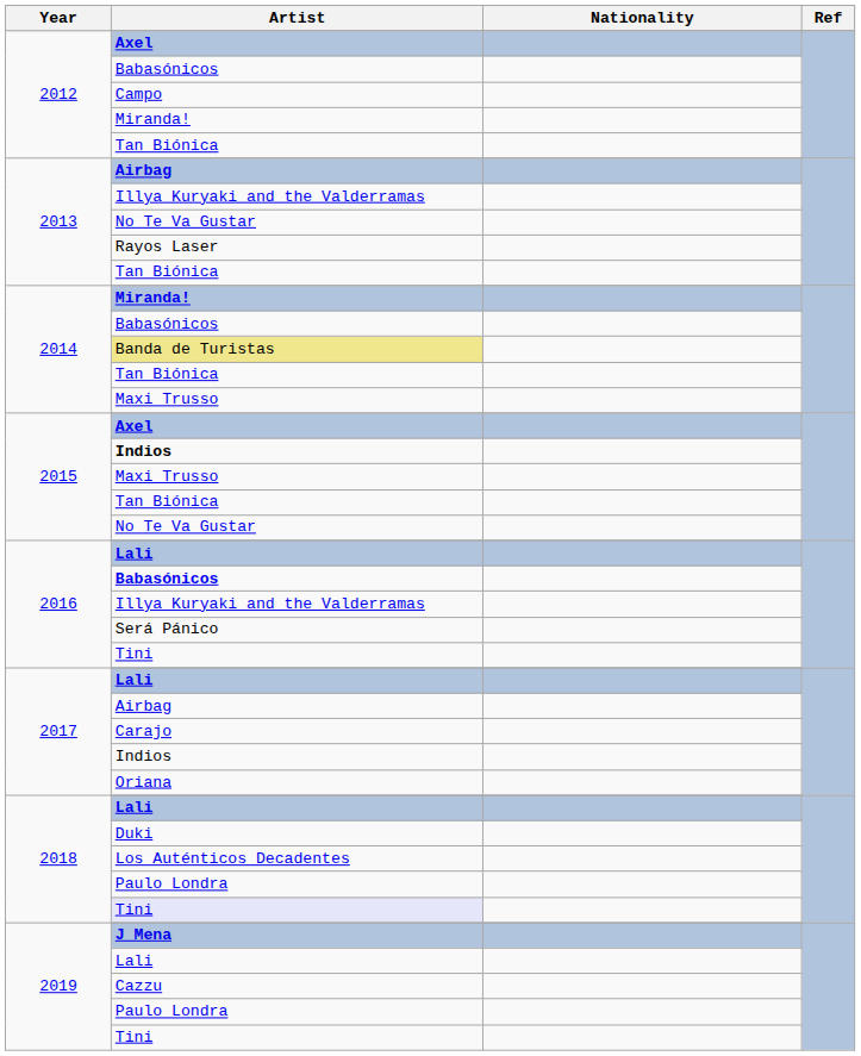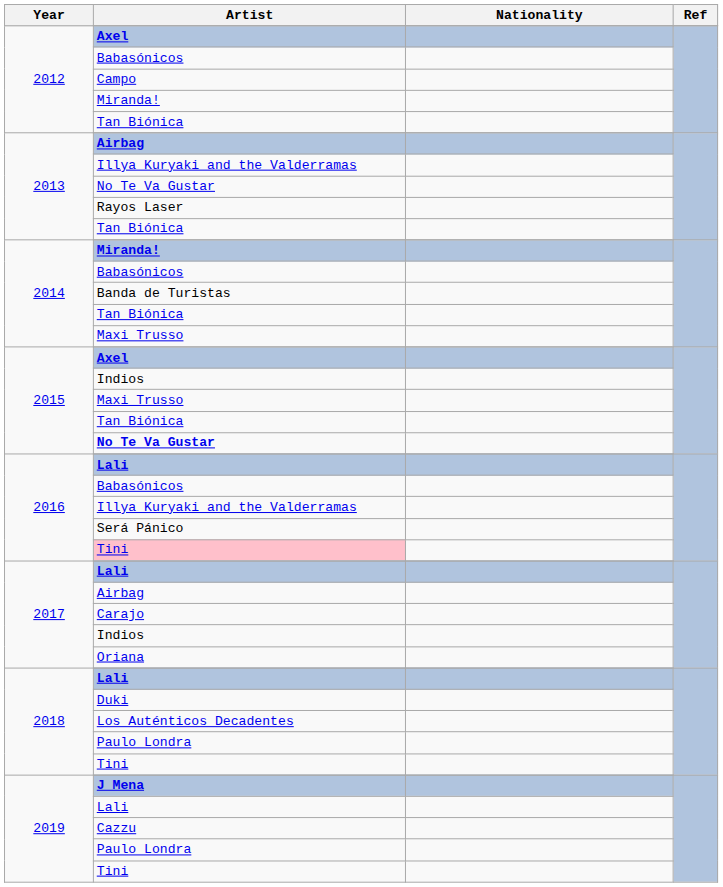 <table class="wikitable" style="width:80%;">
 <tr style="background:#bebebe;">
 <th style="width:10%;">Year</th>
 <th style="width:35%;">Artist</th>
 <th style="width:30%;">Nationality</th>
 <th style="width:5%;">Ref</th>
 </tr>
 <tr>
 <td rowspan="6" align="center"><a href='#'>2012</a></td>
 </tr>
 <tr style="background:#B0C4DE">
 <td><strong><a href='#'>Axel</a></strong></td>
 <td><strong></strong></td>
 <td rowspan="6" align="center"></td>
 </tr>
 <tr>
 <td><a href='#'>Babasónicos</a></td>
 <td></td>
 </tr>
 <tr>
 <td><a href='#'>Campo</a></td>
 <td></td>
 </tr>
 <tr>
 <td><a href='#'>Miranda!</a></td>
 <td></td>
 </tr>
 <tr>
 <td><a href='#'>Tan Biónica</a></td>
 <td></td>
 </tr>
 <tr>
 <td rowspan="6" align="center"><a href='#'>2013</a></td>
 </tr>
 <tr style="background:#B0C4DE">
 <td><strong><a href='#'>Airbag</a></strong></td>
 <td><strong></strong></td>
 <td rowspan="6" align="center"></td>
 </tr>
 <tr>
 <td><a href='#'>Illya Kuryaki and the Valderramas</a></td>
 <td></td>
 </tr>
 <tr>
 <td><a href='#'>No Te Va Gustar</a></td>
 <td></td>
 </tr>
 <tr>
 <td>Rayos Laser</td>
 <td></td>
 </tr>
 <tr>
 <td><a href='#'>Tan Biónica</a></td>
 <td></td>
 </tr>
 <tr>
 <td rowspan="6" align="center"><a href='#'>2014</a></td>
 </tr>
 <tr style="background:#B0C4DE">
 <td><strong><a href='#'>Miranda!</a></strong></td>
 <td><strong></strong></td>
 <td rowspan="6" align="center"></td>
 </tr>
 <tr>
 <td><a href='#'>Babasónicos</a></td>
 <td></td>
 </tr>
 <tr>
-<td style="background: khaki;">Banda de Turistas</td>
+<td>Banda de Turistas</td>
 <td></td>
 </tr>
 <tr>
 <td><a href='#'>Tan Biónica</a></td>
 <td></td>
 </tr>
 <tr>
 <td><a href='#'>Maxi Trusso</a></td>
 <td></td>
 </tr>
 <tr>
 <td rowspan="6" align="center"><a href='#'>2015</a></td>
 </tr>
 <tr style="background:#B0C4DE">
 <td><strong><a href='#'>Axel</a></strong></td>
 <td><strong></strong></td>
 <td rowspan="6" align="center"></td>
 </tr>
 <tr>
-<td><strong>Indios</strong></td>
+<td>Indios</td>
 <td></td>
 </tr>
 <tr>
 <td><a href='#'>Maxi Trusso</a></td>
 <td></td>
 </tr>
 <tr>
 <td><a href='#'>Tan Biónica</a></td>
 <td></td>
 </tr>
 <tr>
-<td><a href='#'>No Te Va Gustar</a></td>
+<td><strong><a href='#'>No Te Va Gustar</a></strong></td>
 <td></td>
 </tr>
 <tr>
 <td rowspan="6" align="center"><a href='#'>2016</a></td>
 </tr>
 <tr style="background:#B0C4DE">
 <td><strong><a href='#'>Lali</a></strong></td>
 <td><strong></strong></td>
 <td rowspan="6" align="center"></td>
 </tr>
 <tr>
-<td><strong><a href='#'>Babasónicos</a></strong></td>
+<td><a href='#'>Babasónicos</a></td>
 <td></td>
 </tr>
 <tr>
 <td><a href='#'>Illya Kuryaki and the Valderramas</a></td>
 <td></td>
 </tr>
 <tr>
 <td>Será Pánico</td>
 <td></td>
 </tr>
 <tr>
-<td><a href='#'>Tini</a></td>
+<td style="background: pink;"><a href='#'>Tini</a></td>
 <td></td>
 </tr>
 <tr>
 <td rowspan="6" align="center"><a href='#'>2017</a></td>
 </tr>
 <tr style="background:#B0C4DE">
 <td><strong><a href='#'>Lali</a></strong></td>
 <td><strong></strong></td>
 <td rowspan="6" align="center"></td>
 </tr>
 <tr>
 <td><a href='#'>Airbag</a></td>
 <td></td>
 </tr>
 <tr>
 <td><a href='#'>Carajo</a></td>
 <td></td>
 </tr>
 <tr>
 <td>Indios</td>
 <td></td>
 </tr>
 <tr>
 <td><a href='#'>Oriana</a></td>
 <td></td>
 </tr>
 <tr>
 <td rowspan="6" align="center"><a href='#'>2018</a></td>
 </tr>
 <tr style="background:#B0C4DE">
 <td><strong><a href='#'>Lali</a></strong></td>
 <td><strong></strong></td>
 <td rowspan="6" align="center"></td>
 </tr>
 <tr>
 <td><a href='#'>Duki</a></td>
 <td></td>
 </tr>
 <tr>
 <td><a href='#'>Los Auténticos Decadentes</a></td>
 <td></td>
 </tr>
 <tr>
 <td><a href='#'>Paulo Londra</a></td>
 <td></td>
 </tr>
 <tr>
-<td style="background: lavender;"><a href='#'>Tini</a></td>
+<td><a href='#'>Tini</a></td>
 <td></td>
 </tr>
 <tr>
 <td rowspan="6" align="center"><a href='#'>2019</a></td>
 </tr>
 <tr style="background:#B0C4DE">
 <td><strong><a href='#'>J Mena</a></strong></td>
 <td><strong></strong></td>
 <td rowspan="6" align="center"></td>
 </tr>
 <tr>
 <td><a href='#'>Lali</a></td>
 <td></td>
 </tr>
 <tr>
 <td><a href='#'>Cazzu</a></td>
 <td></td>
 </tr>
 <tr>
 <td><a href='#'>Paulo Londra</a></td>
 <td></td>
 </tr>
 <tr>
 <td><a href='#'>Tini</a></td>
 <td></td>
 </tr>
 </table>
